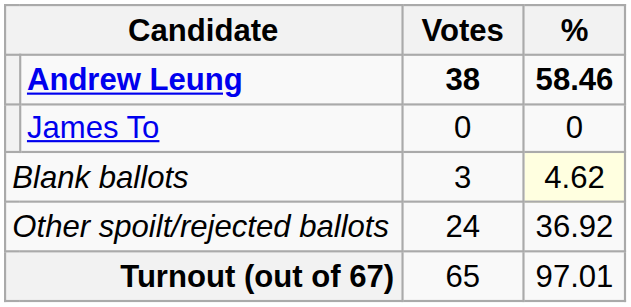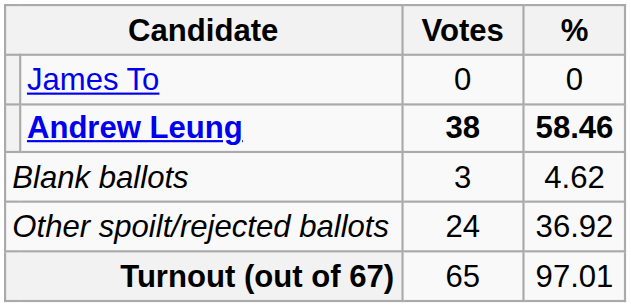 <table class=wikitable style="font-size: 90%;">
 <tr>
 <th colspan="2">Candidate</th>
 <th style="width: 50px">Votes</th>
 <th style="width: 40px">%</th>
 </tr>
 <tr>
 <th style="background-color: "></th>
+<td style="width: 170px"><a href='#'>James To</a></td>
+<td align="center">0</td>
+<td align="center">0</td>
+</tr>
+<tr>
+<th style="background-color: "></th>
 <td style="width: 170px"><strong><a href='#'>Andrew Leung</a></strong> </td>
 <td align="center"><strong>38</strong></td>
 <td align="center"><strong>58.46</strong></td>
 </tr>
 <tr>
-<th style="background-color: "></th>
-<td style="width: 170px"><a href='#'>James To</a></td>
-<td align="center">0</td>
-<td align="center">0</td>
-</tr>
-<tr>
 <td colspan="2" align="left"><em>Blank ballots</em></td>
 <td align="center">3</td>
-<td align="center" style="background: lightyellow;">4.62</td>
+<td align="center">4.62</td>
 </tr>
 <tr>
 <td colspan="2" align="left"><em>Other spoilt/rejected ballots</em></td>
 <td align="center">24</td>
 <td align="center">36.92</td>
 </tr>
 <tr>
 <th colspan="2" style="text-align:right">Turnout (out of 67)</th>
 <td align="center">65</td>
 <td align="center">97.01</td>
 </tr>
 </table>
